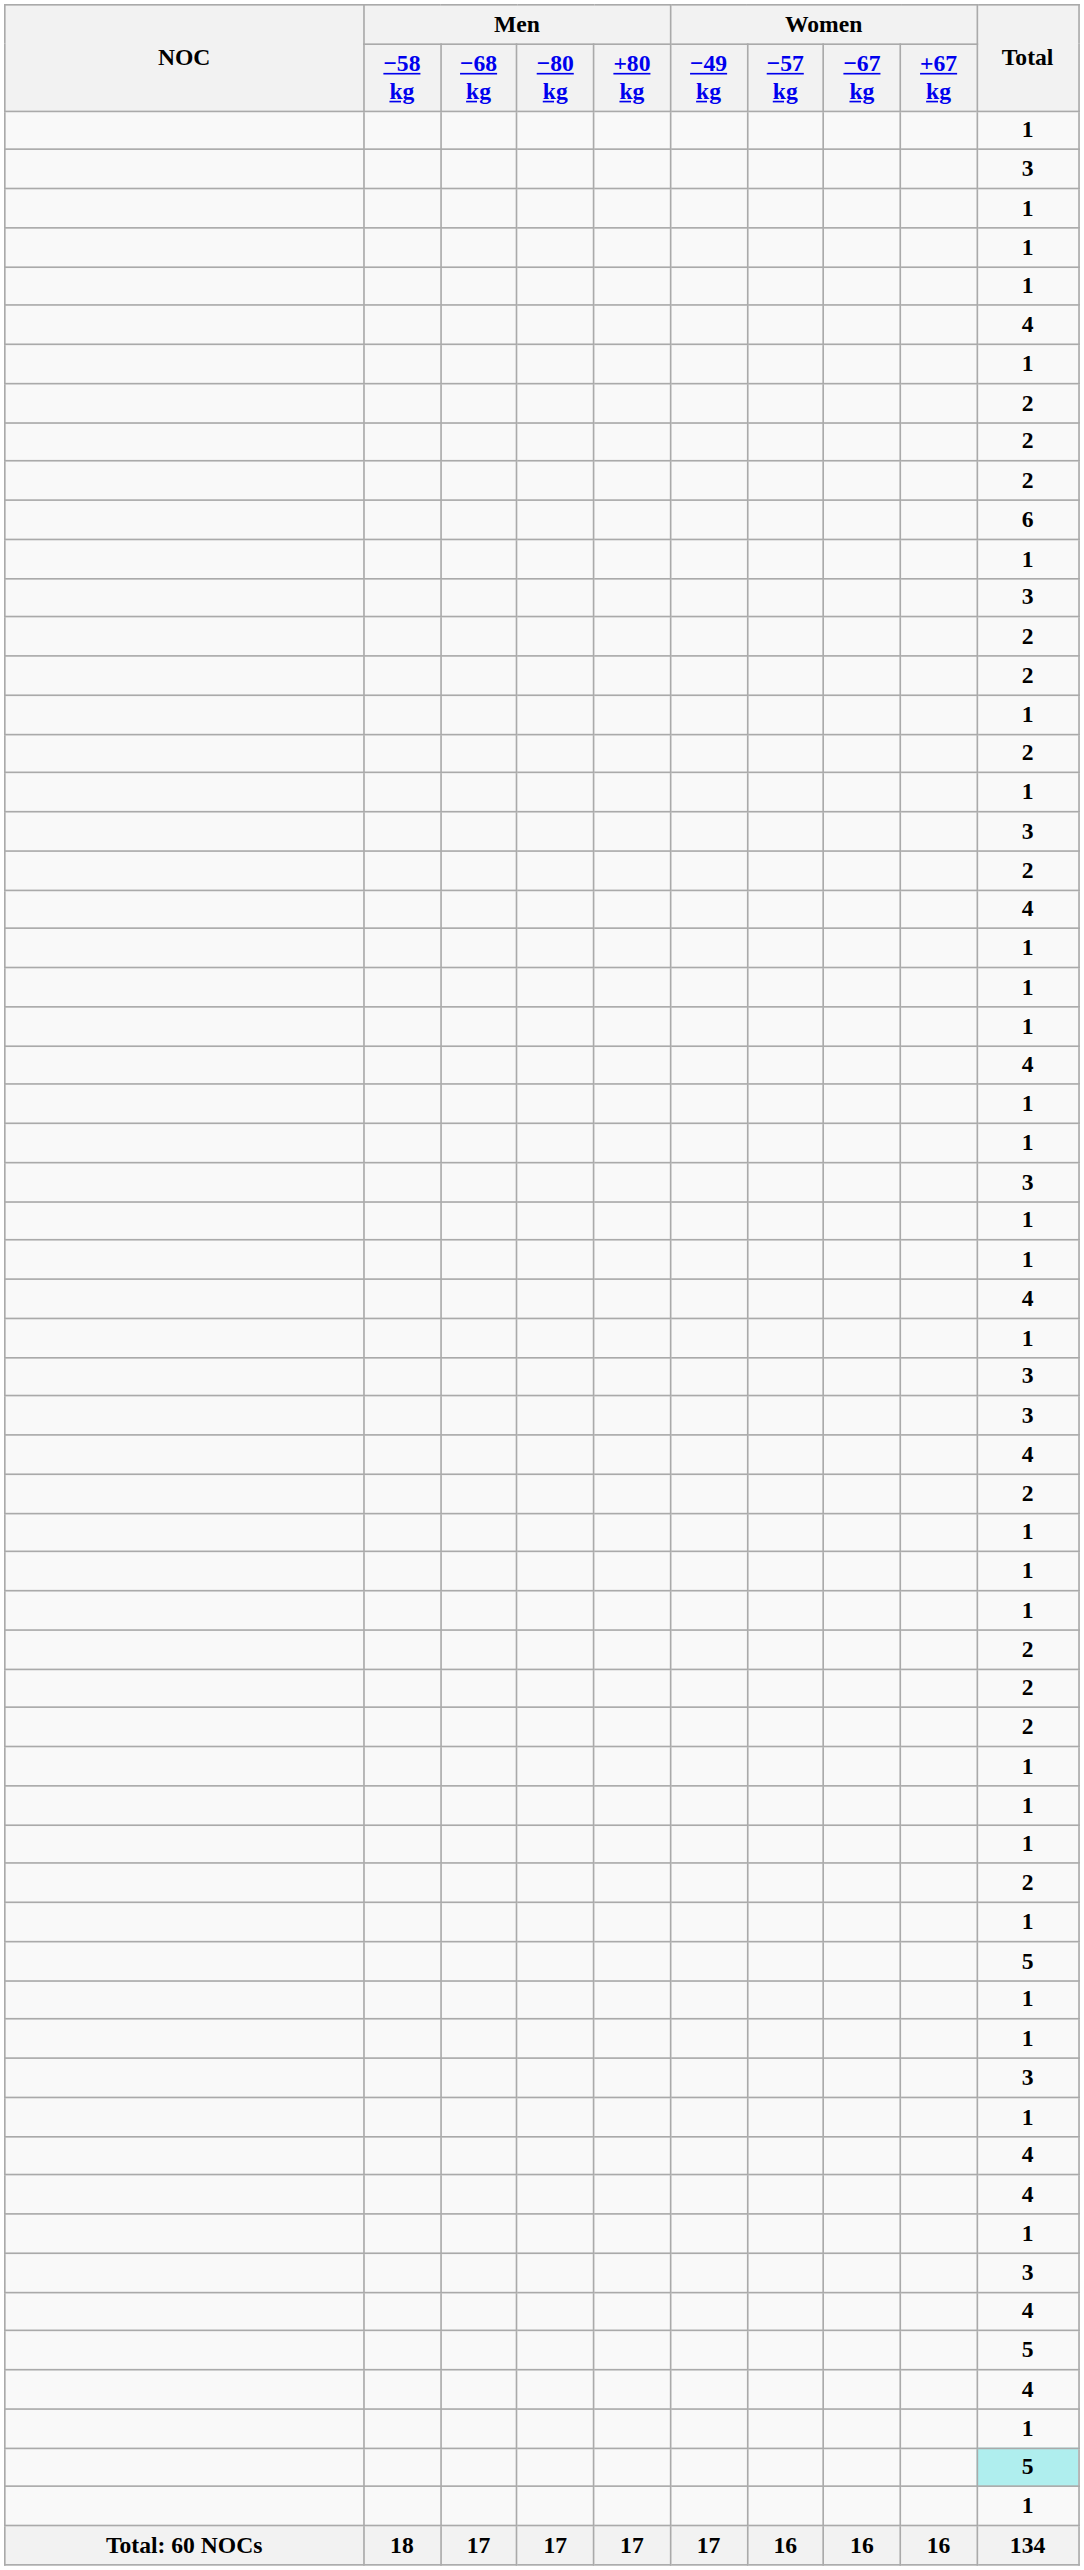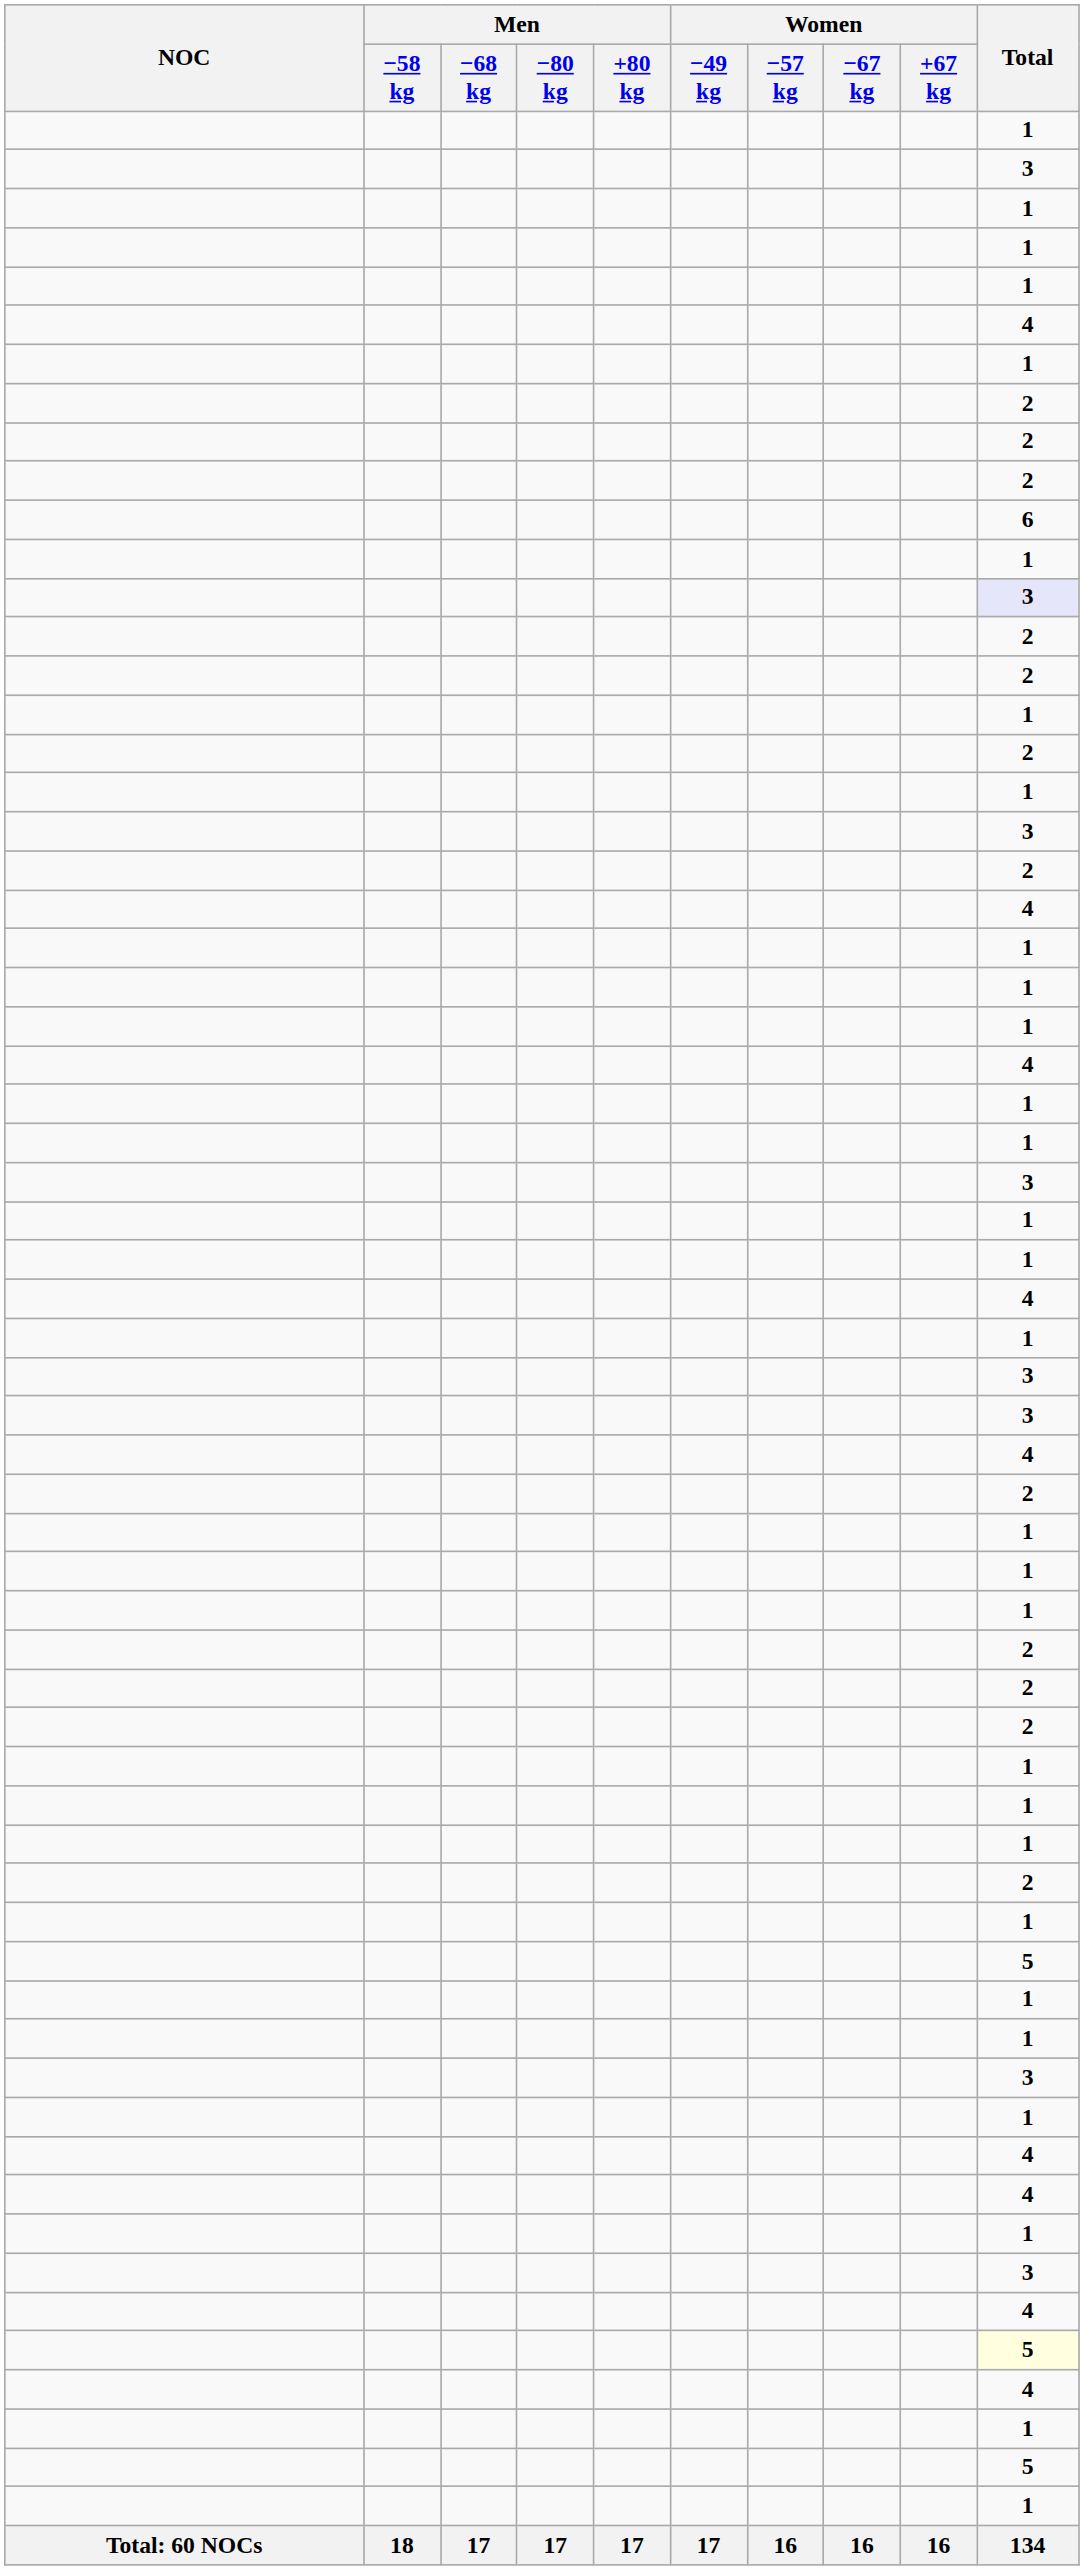 <table class="wikitable sortable" style="text-align:center; font-size:90%">
 <tr>
 <th rowspan="2" width=212 align="left">NOC</th>
 <th colspan=4>Men</th>
 <th colspan=4>Women</th>
 <th width=55 rowspan="2">Total</th>
 </tr>
 <tr>
 <th width=40><a href='#'>−58 kg</a></th>
 <th width=40><a href='#'>−68 kg</a></th>
 <th width=40><a href='#'>−80 kg</a></th>
 <th width=40><a href='#'>+80 kg</a></th>
 <th width=40><a href='#'>−49 kg</a></th>
 <th width=40><a href='#'>−57 kg</a></th>
 <th width=40><a href='#'>−67 kg</a></th>
 <th width=40><a href='#'>+67 kg</a></th>
 </tr>
 <tr>
 <td align=left></td>
 <td></td>
 <td></td>
 <td></td>
 <td></td>
 <td></td>
 <td></td>
 <td></td>
 <td></td>
 <td><strong>1</strong></td>
 </tr>
 <tr>
 <td align=left></td>
 <td></td>
 <td></td>
 <td></td>
 <td></td>
 <td></td>
 <td></td>
 <td></td>
 <td></td>
 <td><strong>3</strong></td>
 </tr>
 <tr>
 <td align=left></td>
 <td></td>
 <td></td>
 <td></td>
 <td></td>
 <td></td>
 <td></td>
 <td></td>
 <td></td>
 <td><strong>1</strong></td>
 </tr>
 <tr>
 <td align=left></td>
 <td></td>
 <td></td>
 <td></td>
 <td></td>
 <td></td>
 <td></td>
 <td></td>
 <td></td>
 <td><strong>1</strong></td>
 </tr>
 <tr>
 <td align=left></td>
 <td></td>
 <td></td>
 <td></td>
 <td></td>
 <td></td>
 <td></td>
 <td></td>
 <td></td>
 <td><strong>1</strong></td>
 </tr>
 <tr>
 <td align=left></td>
 <td></td>
 <td></td>
 <td></td>
 <td></td>
 <td></td>
 <td></td>
 <td></td>
 <td></td>
 <td><strong>4</strong></td>
 </tr>
 <tr>
 <td align=left></td>
 <td></td>
 <td></td>
 <td></td>
 <td></td>
 <td></td>
 <td></td>
 <td></td>
 <td></td>
 <td><strong>1</strong></td>
 </tr>
 <tr>
 <td align=left></td>
 <td></td>
 <td></td>
 <td></td>
 <td></td>
 <td></td>
 <td></td>
 <td></td>
 <td></td>
 <td><strong>2</strong></td>
 </tr>
 <tr>
 <td align=left></td>
 <td></td>
 <td></td>
 <td></td>
 <td></td>
 <td></td>
 <td></td>
 <td></td>
 <td></td>
 <td><strong>2</strong></td>
 </tr>
 <tr>
 <td align=left></td>
 <td></td>
 <td></td>
 <td></td>
 <td></td>
 <td></td>
 <td></td>
 <td></td>
 <td></td>
 <td><strong>2</strong></td>
 </tr>
 <tr>
 <td align=left></td>
 <td></td>
 <td></td>
 <td></td>
 <td></td>
 <td></td>
 <td></td>
 <td></td>
 <td></td>
 <td><strong>6</strong></td>
 </tr>
 <tr>
 <td align=left></td>
 <td></td>
 <td></td>
 <td></td>
 <td></td>
 <td></td>
 <td></td>
 <td></td>
 <td></td>
 <td><strong>1</strong></td>
 </tr>
 <tr>
 <td align=left></td>
 <td></td>
 <td></td>
 <td></td>
 <td></td>
 <td></td>
 <td></td>
 <td></td>
 <td></td>
-<td><strong>3</strong></td>
+<td style="background: lavender;"><strong>3</strong></td>
 </tr>
 <tr>
 <td align=left></td>
 <td></td>
 <td></td>
 <td></td>
 <td></td>
 <td></td>
 <td></td>
 <td></td>
 <td></td>
 <td><strong>2</strong></td>
 </tr>
 <tr>
 <td align=left></td>
 <td></td>
 <td></td>
 <td></td>
 <td></td>
 <td></td>
 <td></td>
 <td></td>
 <td></td>
 <td><strong>2</strong></td>
 </tr>
 <tr>
 <td align=left></td>
 <td></td>
 <td></td>
 <td></td>
 <td></td>
 <td></td>
 <td></td>
 <td></td>
 <td></td>
 <td><strong>1</strong></td>
 </tr>
 <tr>
 <td align=left></td>
 <td></td>
 <td></td>
 <td></td>
 <td></td>
 <td></td>
 <td></td>
 <td></td>
 <td></td>
 <td><strong>2</strong></td>
 </tr>
 <tr>
 <td align=left></td>
 <td></td>
 <td></td>
 <td></td>
 <td></td>
 <td></td>
 <td></td>
 <td></td>
 <td></td>
 <td><strong>1</strong></td>
 </tr>
 <tr>
 <td align=left></td>
 <td></td>
 <td></td>
 <td></td>
 <td></td>
 <td></td>
 <td></td>
 <td></td>
 <td></td>
 <td><strong>3</strong></td>
 </tr>
 <tr>
 <td align=left></td>
 <td></td>
 <td></td>
 <td></td>
 <td></td>
 <td></td>
 <td></td>
 <td></td>
 <td></td>
 <td><strong>2</strong></td>
 </tr>
 <tr>
 <td align=left></td>
 <td></td>
 <td></td>
 <td></td>
 <td></td>
 <td></td>
 <td></td>
 <td></td>
 <td></td>
 <td><strong>4</strong></td>
 </tr>
 <tr>
 <td align=left></td>
 <td></td>
 <td></td>
 <td></td>
 <td></td>
 <td></td>
 <td></td>
 <td></td>
 <td></td>
 <td><strong>1</strong></td>
 </tr>
 <tr>
 <td align=left></td>
 <td></td>
 <td></td>
 <td></td>
 <td></td>
 <td></td>
 <td></td>
 <td></td>
 <td></td>
 <td><strong>1</strong></td>
 </tr>
 <tr>
 <td align=left></td>
 <td></td>
 <td></td>
 <td></td>
 <td></td>
 <td></td>
 <td></td>
 <td></td>
 <td></td>
 <td><strong>1</strong></td>
 </tr>
 <tr>
 <td align=left></td>
 <td></td>
 <td></td>
 <td></td>
 <td></td>
 <td></td>
 <td></td>
 <td></td>
 <td></td>
 <td><strong>4</strong></td>
 </tr>
 <tr>
 <td align=left></td>
 <td></td>
 <td></td>
 <td></td>
 <td></td>
 <td></td>
 <td></td>
 <td></td>
 <td></td>
 <td><strong>1</strong></td>
 </tr>
 <tr>
 <td align=left></td>
 <td></td>
 <td></td>
 <td></td>
 <td></td>
 <td></td>
 <td></td>
 <td></td>
 <td></td>
 <td><strong>1</strong></td>
 </tr>
 <tr>
 <td align=left></td>
 <td></td>
 <td></td>
 <td></td>
 <td></td>
 <td></td>
 <td></td>
 <td></td>
 <td></td>
 <td><strong>3</strong></td>
 </tr>
 <tr>
 <td align=left></td>
 <td></td>
 <td></td>
 <td></td>
 <td></td>
 <td></td>
 <td></td>
 <td></td>
 <td></td>
 <td><strong>1</strong></td>
 </tr>
 <tr>
 <td align=left></td>
 <td></td>
 <td></td>
 <td></td>
 <td></td>
 <td></td>
 <td></td>
 <td></td>
 <td></td>
 <td><strong>1</strong></td>
 </tr>
 <tr>
 <td align=left></td>
 <td></td>
 <td></td>
 <td></td>
 <td></td>
 <td></td>
 <td></td>
 <td></td>
 <td></td>
 <td><strong>4</strong></td>
 </tr>
 <tr>
 <td align=left></td>
 <td></td>
 <td></td>
 <td></td>
 <td></td>
 <td></td>
 <td></td>
 <td></td>
 <td></td>
 <td><strong>1</strong></td>
 </tr>
 <tr>
 <td align=left></td>
 <td></td>
 <td></td>
 <td></td>
 <td></td>
 <td></td>
 <td></td>
 <td></td>
 <td></td>
 <td><strong>3</strong></td>
 </tr>
 <tr>
 <td align=left></td>
 <td></td>
 <td></td>
 <td></td>
 <td></td>
 <td></td>
 <td></td>
 <td></td>
 <td></td>
 <td><strong>3</strong></td>
 </tr>
 <tr>
 <td align=left></td>
 <td></td>
 <td></td>
 <td></td>
 <td></td>
 <td></td>
 <td></td>
 <td></td>
 <td></td>
 <td><strong>4</strong></td>
 </tr>
 <tr>
 <td align=left></td>
 <td></td>
 <td></td>
 <td></td>
 <td></td>
 <td></td>
 <td></td>
 <td></td>
 <td></td>
 <td><strong>2</strong></td>
 </tr>
 <tr>
 <td align=left></td>
 <td></td>
 <td></td>
 <td></td>
 <td></td>
 <td></td>
 <td></td>
 <td></td>
 <td></td>
 <td><strong>1</strong></td>
 </tr>
 <tr>
 <td align=left></td>
 <td></td>
 <td></td>
 <td></td>
 <td></td>
 <td></td>
 <td></td>
 <td></td>
 <td></td>
 <td><strong>1</strong></td>
 </tr>
 <tr>
 <td align=left></td>
 <td></td>
 <td></td>
 <td></td>
 <td></td>
 <td></td>
 <td></td>
 <td></td>
 <td></td>
 <td><strong>1</strong></td>
 </tr>
 <tr>
 <td align=left></td>
 <td></td>
 <td></td>
 <td></td>
 <td></td>
 <td></td>
 <td></td>
 <td></td>
 <td></td>
 <td><strong>2</strong></td>
 </tr>
 <tr>
 <td align=left></td>
 <td></td>
 <td></td>
 <td></td>
 <td></td>
 <td></td>
 <td></td>
 <td></td>
 <td></td>
 <td><strong>2</strong></td>
 </tr>
 <tr>
 <td align=left></td>
 <td></td>
 <td></td>
 <td></td>
 <td></td>
 <td></td>
 <td></td>
 <td></td>
 <td></td>
 <td><strong>2</strong></td>
 </tr>
 <tr>
 <td align=left></td>
 <td></td>
 <td></td>
 <td></td>
 <td></td>
 <td></td>
 <td></td>
 <td></td>
 <td></td>
 <td><strong>1</strong></td>
 </tr>
 <tr>
 <td align=left></td>
 <td></td>
 <td></td>
 <td></td>
 <td></td>
 <td></td>
 <td></td>
 <td></td>
 <td></td>
 <td><strong>1</strong></td>
 </tr>
 <tr>
 <td align=left></td>
 <td></td>
 <td></td>
 <td></td>
 <td></td>
 <td></td>
 <td></td>
 <td></td>
 <td></td>
 <td><strong>1</strong></td>
 </tr>
 <tr>
 <td align=left></td>
 <td></td>
 <td></td>
 <td></td>
 <td></td>
 <td></td>
 <td></td>
 <td></td>
 <td></td>
 <td><strong>2</strong></td>
 </tr>
 <tr>
 <td align=left></td>
 <td></td>
 <td></td>
 <td></td>
 <td></td>
 <td></td>
 <td></td>
 <td></td>
 <td></td>
 <td><strong>1</strong></td>
 </tr>
 <tr>
 <td align=left></td>
 <td></td>
 <td></td>
 <td></td>
 <td></td>
 <td></td>
 <td></td>
 <td></td>
 <td></td>
 <td><strong>5</strong></td>
 </tr>
 <tr>
 <td align=left></td>
 <td></td>
 <td></td>
 <td></td>
 <td></td>
 <td></td>
 <td></td>
 <td></td>
 <td></td>
 <td><strong>1</strong></td>
 </tr>
 <tr>
 <td align=left></td>
 <td></td>
 <td></td>
 <td></td>
 <td></td>
 <td></td>
 <td></td>
 <td></td>
 <td></td>
 <td><strong>1</strong></td>
 </tr>
 <tr>
 <td align=left></td>
 <td></td>
 <td></td>
 <td></td>
 <td></td>
 <td></td>
 <td></td>
 <td></td>
 <td></td>
 <td><strong>3</strong></td>
 </tr>
 <tr>
 <td align=left></td>
 <td></td>
 <td></td>
 <td></td>
 <td></td>
 <td></td>
 <td></td>
 <td></td>
 <td></td>
 <td><strong>1</strong></td>
 </tr>
 <tr>
 <td align=left></td>
 <td></td>
 <td></td>
 <td></td>
 <td></td>
 <td></td>
 <td></td>
 <td></td>
 <td></td>
 <td><strong>4</strong></td>
 </tr>
 <tr>
 <td align=left></td>
 <td></td>
 <td></td>
 <td></td>
 <td></td>
 <td></td>
 <td></td>
 <td></td>
 <td></td>
 <td><strong>4</strong></td>
 </tr>
 <tr>
 <td align=left></td>
 <td></td>
 <td></td>
 <td></td>
 <td></td>
 <td></td>
 <td></td>
 <td></td>
 <td></td>
 <td><strong>1</strong></td>
 </tr>
 <tr>
 <td align=left></td>
 <td></td>
 <td></td>
 <td></td>
 <td></td>
 <td></td>
 <td></td>
 <td></td>
 <td></td>
 <td><strong>3</strong></td>
 </tr>
 <tr>
 <td align=left></td>
 <td></td>
 <td></td>
 <td></td>
 <td></td>
 <td></td>
 <td></td>
 <td></td>
 <td></td>
 <td><strong>4</strong></td>
 </tr>
 <tr>
 <td align=left></td>
 <td></td>
 <td></td>
 <td></td>
 <td></td>
 <td></td>
 <td></td>
 <td></td>
 <td></td>
-<td><strong>5</strong></td>
+<td style="background: lightyellow;"><strong>5</strong></td>
 </tr>
 <tr>
 <td align=left></td>
 <td></td>
 <td></td>
 <td></td>
 <td></td>
 <td></td>
 <td></td>
 <td></td>
 <td></td>
 <td><strong>4</strong></td>
 </tr>
 <tr>
 <td align=left></td>
 <td></td>
 <td></td>
 <td></td>
 <td></td>
 <td></td>
 <td></td>
 <td></td>
 <td></td>
 <td><strong>1</strong></td>
 </tr>
 <tr>
 <td align=left></td>
 <td></td>
 <td></td>
 <td></td>
 <td></td>
 <td></td>
 <td></td>
 <td></td>
 <td></td>
-<td style="background: paleturquoise;"><strong>5</strong></td>
+<td><strong>5</strong></td>
 </tr>
 <tr>
 <td align=left></td>
 <td></td>
 <td></td>
 <td></td>
 <td></td>
 <td></td>
 <td></td>
 <td></td>
 <td></td>
 <td><strong>1</strong></td>
 </tr>
 <tr>
 <th>Total: 60 NOCs</th>
 <th>18</th>
 <th>17</th>
 <th>17</th>
 <th>17</th>
 <th>17</th>
 <th>16</th>
 <th>16</th>
 <th>16</th>
 <th>134</th>
 </tr>
 </table>
